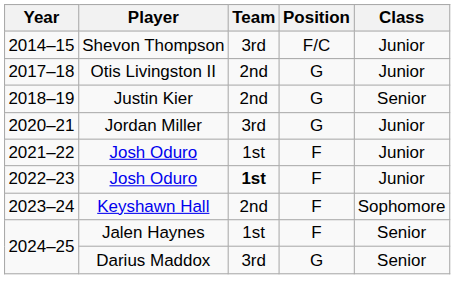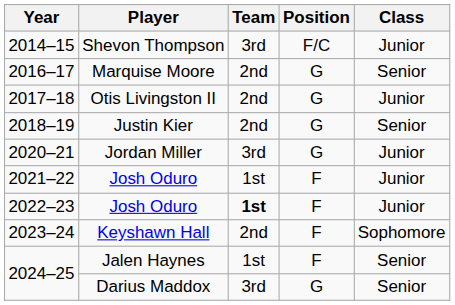 <table class="wikitable">
 <tr>
 <th>Year</th>
 <th>Player</th>
 <th>Team</th>
 <th>Position</th>
 <th>Class</th>
 </tr>
 <tr align="center">
 <td>2014–15</td>
 <td>Shevon Thompson</td>
 <td>3rd</td>
 <td>F/C</td>
 <td>Junior</td>
+</tr>
+<tr align="center">
+<td>2016–17</td>
+<td>Marquise Moore</td>
+<td>2nd</td>
+<td>G</td>
+<td>Senior</td>
 </tr>
 <tr align="center">
 <td>2017–18</td>
 <td>Otis Livingston II</td>
 <td>2nd</td>
 <td>G</td>
 <td>Junior</td>
 </tr>
 <tr align="center">
 <td>2018–19</td>
 <td>Justin Kier</td>
 <td>2nd</td>
 <td>G</td>
 <td>Senior</td>
 </tr>
 <tr align="center">
 <td>2020–21</td>
 <td>Jordan Miller</td>
 <td>3rd</td>
 <td>G</td>
 <td>Junior</td>
 </tr>
 <tr align="center">
 <td>2021–22</td>
 <td><a href='#'>Josh Oduro</a></td>
 <td>1st</td>
 <td>F</td>
 <td>Junior</td>
 </tr>
 <tr align="center">
 <td>2022–23</td>
 <td><a href='#'>Josh Oduro</a></td>
 <td><strong>1st</strong></td>
 <td>F</td>
 <td>Junior</td>
 </tr>
 <tr align="center">
 <td>2023–24</td>
 <td><a href='#'>Keyshawn Hall</a></td>
 <td>2nd</td>
 <td>F</td>
 <td>Sophomore</td>
 </tr>
 <tr align="center">
 <td rowspan=2>2024–25</td>
 <td>Jalen Haynes</td>
 <td>1st</td>
 <td>F</td>
 <td>Senior</td>
 </tr>
 <tr align="center">
 <td>Darius Maddox</td>
 <td>3rd</td>
 <td>G</td>
 <td>Senior</td>
 </tr>
 </table>
